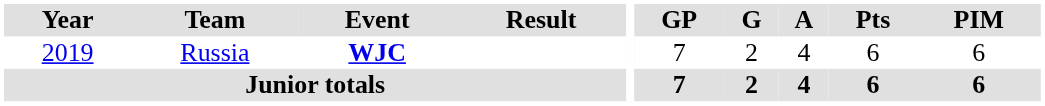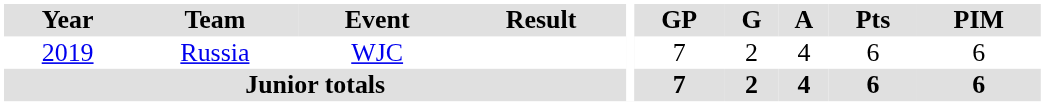 <table border="0" cellpadding="1" cellspacing="0" ID="Table3" style="text-align:center; width:40em;">
 <tr bgcolor="#e0e0e0">
 <th>Year</th>
 <th>Team</th>
 <th>Event</th>
 <th>Result</th>
 <th rowspan="99" bgcolor="#ffffff"></th>
 <th>GP</th>
 <th>G</th>
 <th>A</th>
 <th>Pts</th>
 <th>PIM</th>
 </tr>
 <tr>
 <td><a href='#'>2019</a></td>
 <td><a href='#'>Russia</a></td>
-<td><strong><a href='#'>WJC</a></strong></td>
+<td><a href='#'>WJC</a></td>
 <td></td>
 <td>7</td>
 <td>2</td>
 <td>4</td>
 <td>6</td>
 <td>6</td>
 </tr>
 <tr bgcolor="#e0e0e0">
 <th colspan="4">Junior totals</th>
 <th>7</th>
 <th>2</th>
 <th>4</th>
 <th>6</th>
 <th>6</th>
 </tr>
 </table>
